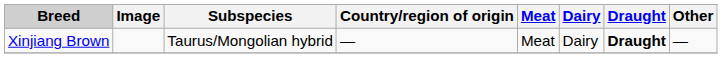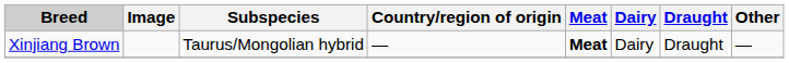 <table class="wikitable sortable">
 <tr>
 <th style="background-color:#cfcfcf;">Breed</th>
 <th>Image</th>
 <th>Subspecies</th>
 <th>Country/region of origin</th>
 <th><a href='#'>Meat</a></th>
 <th><a href='#'>Dairy</a></th>
 <th><a href='#'>Draught</a></th>
 <th>Other</th>
 </tr>
 <tr>
 <td><a href='#'>Xinjiang Brown</a></td>
 <td></td>
 <td>Taurus/Mongolian  hybrid</td>
 <td>—</td>
-<td>Meat</td>
+<td><strong>Meat</strong></td>
 <td>Dairy</td>
-<td><strong>Draught</strong></td>
+<td>Draught</td>
 <td>—</td>
 </tr>
 <tr class="sortbottom">
 </tr>
 </table>
